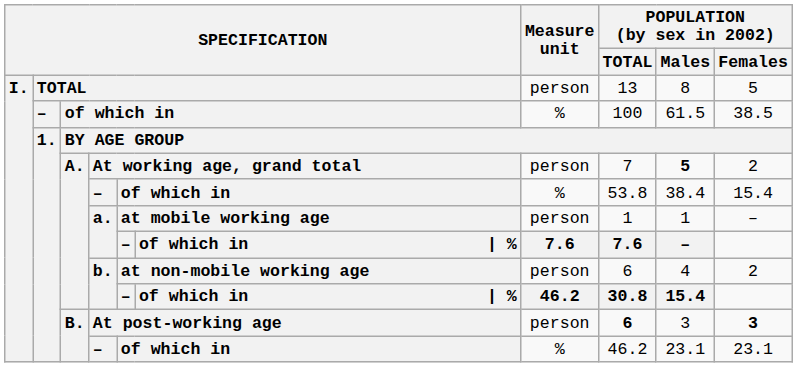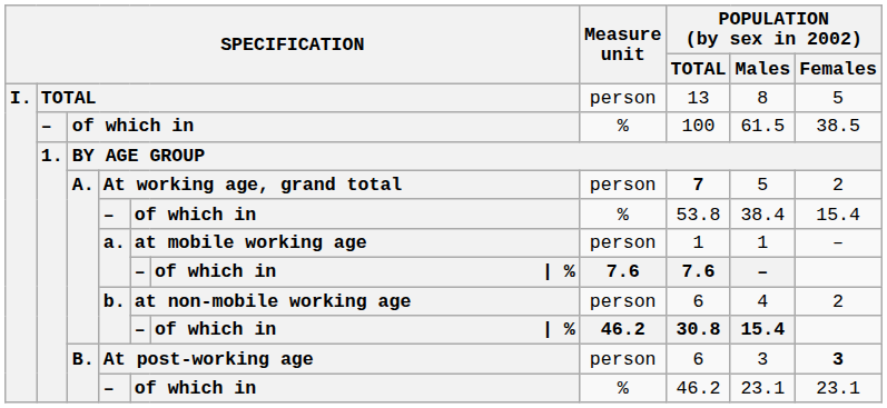 <table class="wikitable" style="font-size:85%; text-align:center">
 <tr>
 <th rowspan="2" colspan="6">SPECIFICATION</th>
 <th rowspan="2">Measure<br> unit</th>
 <th colspan="3" rowspan="1">POPULATION<br> (by sex in 2002)</th>
 </tr>
 <tr>
 <th>TOTAL</th>
 <th>Males</th>
 <th>Females</th>
 </tr>
 <tr>
 <th style="text-align:left" valign="top" rowspan="11">I.</th>
 <th style="text-align:left" colspan="5">TOTAL</th>
 <td>person</td>
 <td>13</td>
 <td>8</td>
 <td>5</td>
 </tr>
 <tr>
 <th style="text-align:left" valign="top">–</th>
 <th style="text-align:left" colspan="4">of which in</th>
 <td>%</td>
 <td>100</td>
 <td>61.5</td>
 <td>38.5</td>
 </tr>
 <tr>
 <th style="text-align:left" valign="top" rowspan="9">1.</th>
 <th style="text-align:left" colspan="19">BY AGE GROUP</th>
 </tr>
 <tr>
 <th style="text-align:left" valign="top" rowspan="6">A.</th>
 <th style="text-align:left" colspan="3">At working age, grand total</th>
 <td>person</td>
-<td>7</td>
-<td><strong>5</strong></td>
+<td><strong>7</strong></td>
+<td>5</td>
 <td>2</td>
 </tr>
 <tr>
 <th style="text-align:left" valign="top">–</th>
 <th style="text-align:left" valign="top" colspan="2">of which in</th>
 <td>%</td>
 <td>53.8</td>
 <td>38.4</td>
 <td>15.4</td>
 </tr>
 <tr>
 <th style="text-align:left" valign="top" rowspan="2">a.</th>
 <th style="text-align:left" colspan="2">at mobile working age</th>
 <td>person</td>
 <td>1</td>
 <td>1</td>
 <td>–</td>
 </tr>
 <tr>
 <th style="text-align:left" valign="top">–</th>
 <th style="text-align:left" valign="top" colspan="1">of which in                        | %</th>
 <th>7.6</th>
 <th>7.6</th>
 <th>–</th>
 </tr>
 <tr>
 <th style="text-align:left" valign="top" rowspan="2">b.</th>
 <th style="text-align:left" colspan="2">at non-mobile working age</th>
 <td>person</td>
 <td>6</td>
 <td>4</td>
 <td>2</td>
 </tr>
 <tr>
 <th style="text-align:left" valign="top">–</th>
 <th style="text-align:left" valign="top" colspan="1">of which in                        | %</th>
 <th>46.2</th>
 <th>30.8</th>
 <th>15.4</th>
 </tr>
 <tr>
 <th style="text-align:left" valign="top" rowspan="2">B.</th>
 <th style="text-align:left" colspan="3">At post-working age</th>
 <td>person</td>
-<td><strong>6</strong></td>
+<td>6</td>
 <td>3</td>
 <td><strong>3</strong></td>
 </tr>
 <tr>
 <th style="text-align:left" valign="top">–</th>
 <th style="text-align:left" valign="top" colspan="2">of which in</th>
 <td>%</td>
 <td>46.2</td>
 <td>23.1</td>
 <td>23.1</td>
 </tr>
 </table>
